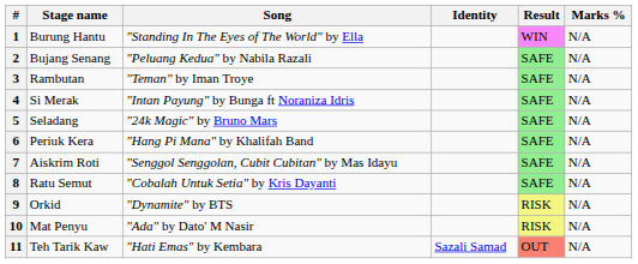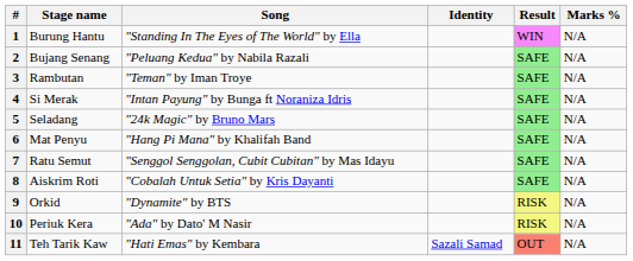 <table class="wikitable plainrowheaders" style="width: 60%; style=text-align: center;">
 <tr>
 <th>#</th>
 <th>Stage name</th>
 <th>Song</th>
 <th>Identity</th>
 <th>Result</th>
 <th>Marks %</th>
 </tr>
 <tr>
 <th>1</th>
 <td>Burung Hantu</td>
 <td><em>"Standing In The Eyes of The World"</em> by <a href='#'>Ella</a></td>
 <td></td>
 <td bgcolor=#F888FD>WIN</td>
 <td>N/A</td>
 </tr>
 <tr>
 <th>2</th>
 <td>Bujang Senang</td>
 <td><em>"Peluang Kedua"</em> by Nabila Razali</td>
 <td></td>
 <td bgcolor="lightgreen">SAFE</td>
 <td>N/A</td>
 </tr>
 <tr>
 <th>3</th>
 <td>Rambutan</td>
 <td><em>"Teman"</em> by Iman Troye</td>
 <td></td>
 <td bgcolor="lightgreen">SAFE</td>
 <td>N/A</td>
 </tr>
 <tr>
 <th>4</th>
 <td>Si Merak</td>
 <td><em>"Intan Payung"</em> by Bunga ft <a href='#'>Noraniza Idris</a></td>
 <td></td>
 <td bgcolor="lightgreen">SAFE</td>
 <td>N/A</td>
 </tr>
 <tr>
 <th>5</th>
 <td>Seladang</td>
 <td><em>"24k Magic"</em> by <a href='#'>Bruno Mars</a></td>
 <td></td>
 <td bgcolor="lightgreen">SAFE</td>
 <td>N/A</td>
 </tr>
 <tr>
 <th>6</th>
-<td>Periuk Kera</td>
+<td>Mat Penyu</td>
 <td><em>"Hang Pi Mana"</em> by Khalifah Band</td>
 <td></td>
 <td bgcolor="lightgreen">SAFE</td>
 <td>N/A</td>
 </tr>
 <tr>
 <th>7</th>
-<td>Aiskrim Roti</td>
+<td>Ratu Semut</td>
 <td><em>"Senggol Senggolan, Cubit Cubitan"</em> by Mas Idayu</td>
 <td></td>
 <td bgcolor="lightgreen">SAFE</td>
 <td>N/A</td>
 </tr>
 <tr>
 <th>8</th>
-<td>Ratu Semut</td>
+<td>Aiskrim Roti</td>
 <td><em>"Cobalah Untuk Setia"</em> by <a href='#'>Kris Dayanti</a></td>
 <td></td>
 <td bgcolor="lightgreen">SAFE</td>
 <td>N/A</td>
 </tr>
 <tr>
 <th>9</th>
 <td>Orkid</td>
 <td><em>"Dynamite"</em> by BTS</td>
 <td></td>
 <td bgcolor=#F3F781>RISK</td>
 <td>N/A</td>
 </tr>
 <tr>
 <th>10</th>
-<td>Mat Penyu</td>
+<td>Periuk Kera</td>
 <td><em>"Ada"</em> by Dato' M Nasir</td>
 <td></td>
 <td bgcolor=#F3F781>RISK</td>
 <td>N/A</td>
 </tr>
 <tr>
 <th>11</th>
 <td>Teh Tarik Kaw</td>
 <td><em>"Hati Emas"</em> by Kembara</td>
 <td><a href='#'>Sazali Samad</a></td>
 <td bgcolor=salmon>OUT</td>
 <td>N/A</td>
 </tr>
 </table>
